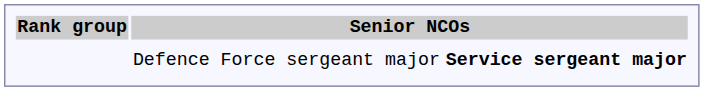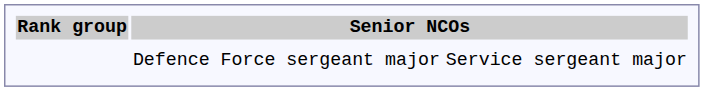 <table style="border:1px solid #8888aa; background-color:#f7f8ff; padding:5px; font-size:95%; margin: 0px 12px 12px 0px; text-align:center;">
 <tr bgcolor="#CCCCCC">
 <th>Rank group</th>
 <th colspan=2>Senior NCOs</th>
 </tr>
 <tr>
 <td rowspan=2><strong></strong></td>
 <td></td>
 <td></td>
 </tr>
 <tr>
 <td>Defence Force sergeant major</td>
-<td><strong>Service sergeant major</strong></td>
+<td>Service sergeant major</td>
 </tr>
 <tr>
 </tr>
 </table>
